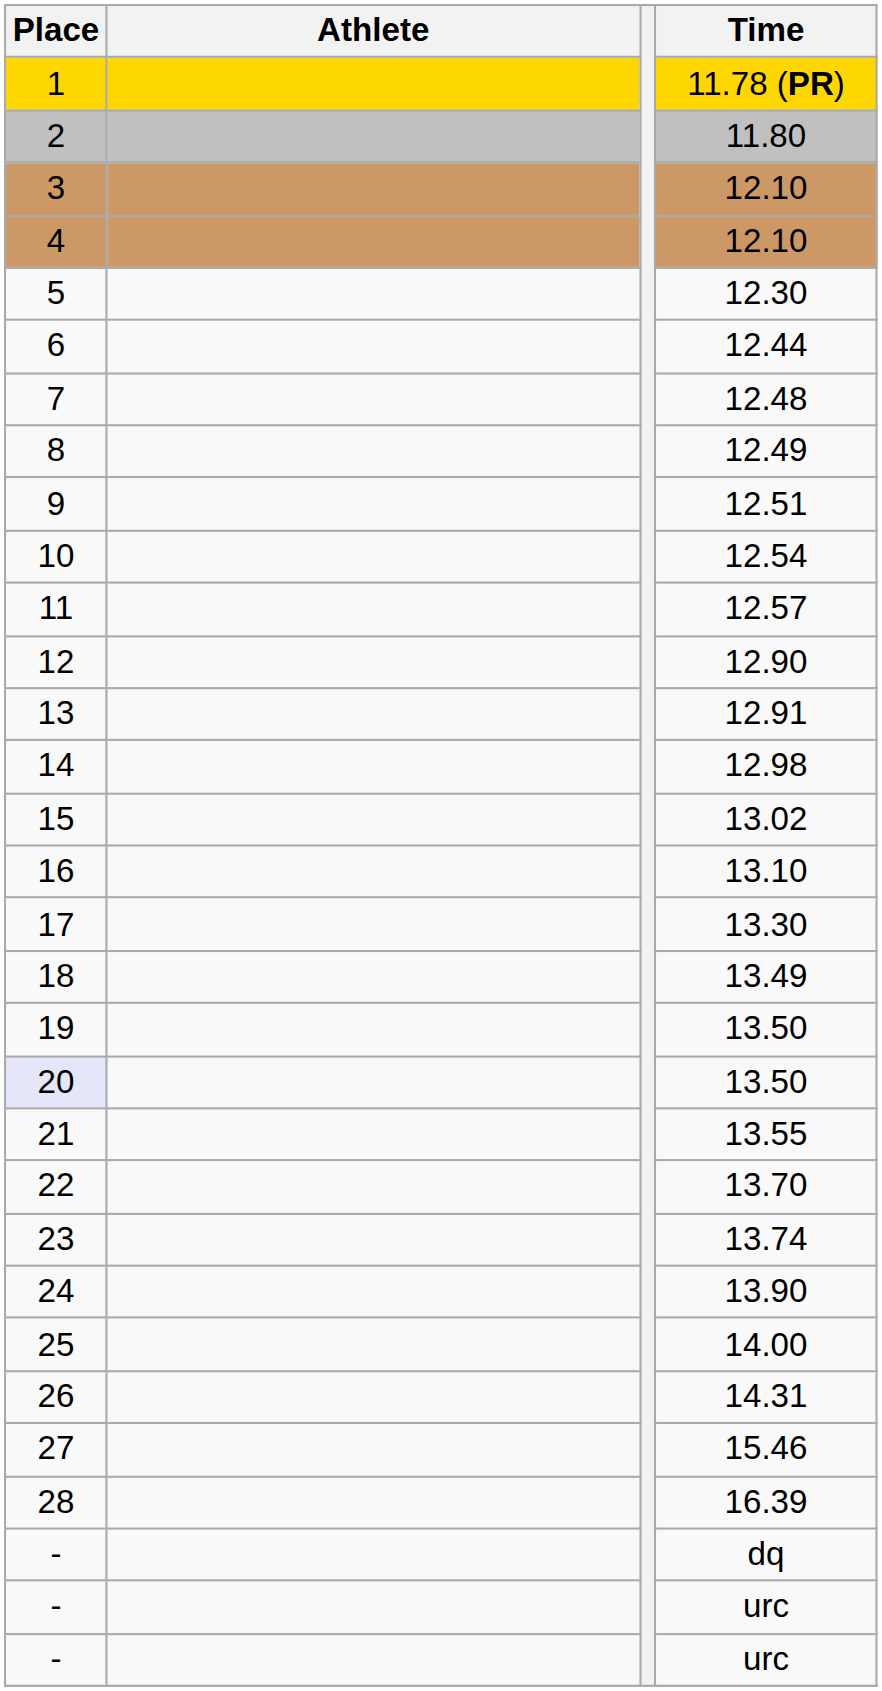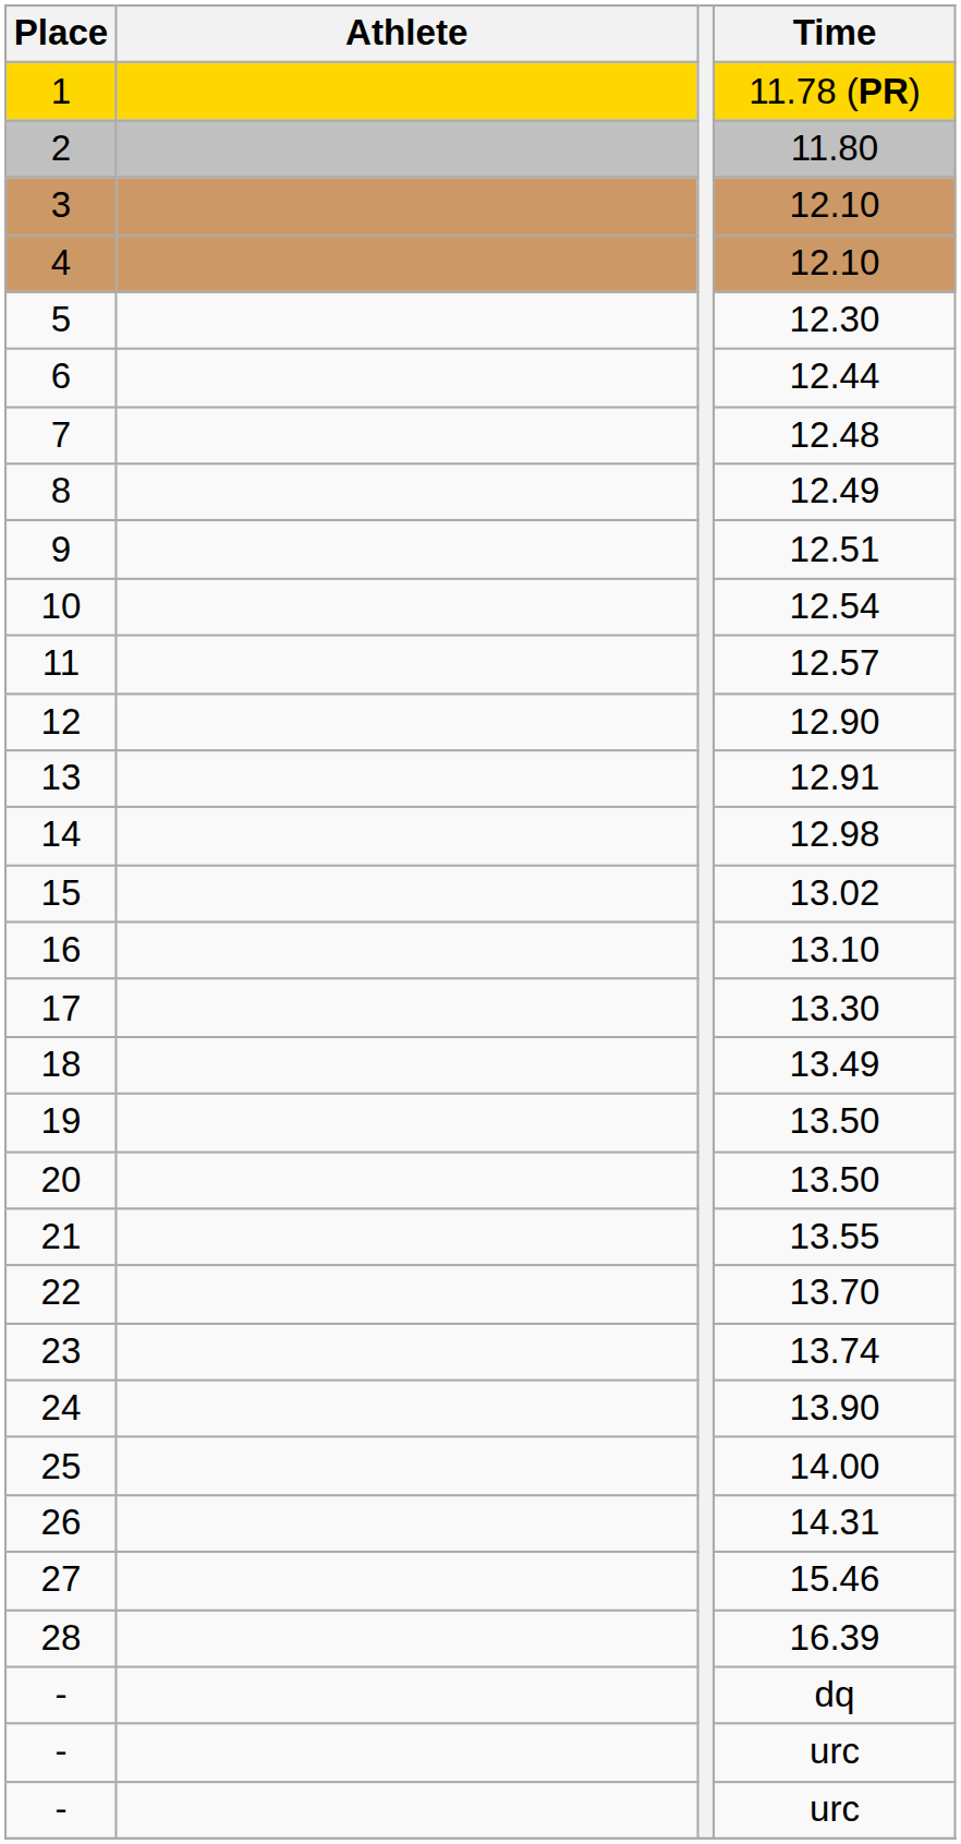 <table class="wikitable" style="text-align:center">
 <tr>
 <th>Place</th>
 <th width=250>Athlete</th>
 <th rowspan=32></th>
 <th width=100>Time</th>
 </tr>
 <tr bgcolor=gold>
 <td>1</td>
 <td align=left></td>
 <td>11.78 (<strong>PR</strong>)</td>
 </tr>
 <tr bgcolor=silver>
 <td>2</td>
 <td align=left></td>
 <td>11.80</td>
 </tr>
 <tr bgcolor=cc9966>
 <td>3</td>
 <td align=left></td>
 <td>12.10</td>
 </tr>
 <tr bgcolor=cc9966>
 <td>4</td>
 <td align=left></td>
 <td>12.10</td>
 </tr>
 <tr>
 <td>5</td>
 <td align=left></td>
 <td>12.30</td>
 </tr>
 <tr>
 <td>6</td>
 <td align=left></td>
 <td>12.44</td>
 </tr>
 <tr>
 <td>7</td>
 <td align=left></td>
 <td>12.48</td>
 </tr>
 <tr>
 <td>8</td>
 <td align=left></td>
 <td>12.49</td>
 </tr>
 <tr>
 <td>9</td>
 <td align=left></td>
 <td>12.51</td>
 </tr>
 <tr>
 <td>10</td>
 <td align=left></td>
 <td>12.54</td>
 </tr>
 <tr>
 <td>11</td>
 <td align=left></td>
 <td>12.57</td>
 </tr>
 <tr>
 <td>12</td>
 <td align=left></td>
 <td>12.90</td>
 </tr>
 <tr>
 <td>13</td>
 <td align=left></td>
 <td>12.91</td>
 </tr>
 <tr>
 <td>14</td>
 <td align=left></td>
 <td>12.98</td>
 </tr>
 <tr>
 <td>15</td>
 <td align=left></td>
 <td>13.02</td>
 </tr>
 <tr>
 <td>16</td>
 <td align=left></td>
 <td>13.10</td>
 </tr>
 <tr>
 <td>17</td>
 <td align=left></td>
 <td>13.30</td>
 </tr>
 <tr>
 <td>18</td>
 <td align=left></td>
 <td>13.49</td>
 </tr>
 <tr>
 <td>19</td>
 <td align=left></td>
 <td>13.50</td>
 </tr>
 <tr>
-<td style="background: lavender;">20</td>
+<td>20</td>
 <td align=left></td>
 <td>13.50</td>
 </tr>
 <tr>
 <td>21</td>
 <td align=left></td>
 <td>13.55</td>
 </tr>
 <tr>
 <td>22</td>
 <td align=left></td>
 <td>13.70</td>
 </tr>
 <tr>
 <td>23</td>
 <td align=left></td>
 <td>13.74</td>
 </tr>
 <tr>
 <td>24</td>
 <td align=left></td>
 <td>13.90</td>
 </tr>
 <tr>
 <td>25</td>
 <td align=left></td>
 <td>14.00</td>
 </tr>
 <tr>
 <td>26</td>
 <td align=left></td>
 <td>14.31</td>
 </tr>
 <tr>
 <td>27</td>
 <td align=left></td>
 <td>15.46</td>
 </tr>
 <tr>
 <td>28</td>
 <td align=left></td>
 <td>16.39</td>
 </tr>
 <tr>
 <td>-</td>
 <td align=left></td>
 <td>dq</td>
 </tr>
 <tr>
 <td>-</td>
 <td align=left></td>
 <td>urc</td>
 </tr>
 <tr>
 <td>-</td>
 <td align=left></td>
 <td>urc</td>
 </tr>
 <tr>
 </tr>
 </table>
